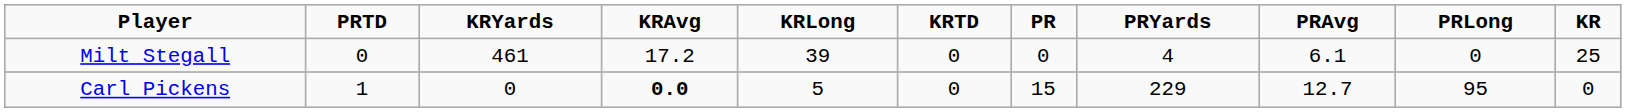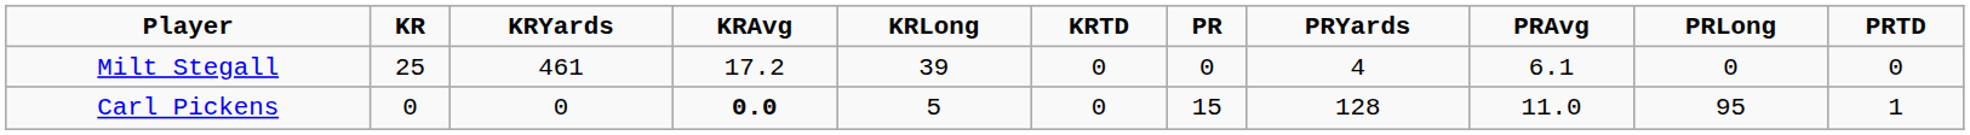 <table class="wikitable" width="80%">
 <tr align="center">
 <td><strong>Player</strong></td>
-<td><strong>PRTD</strong></td>
+<td><strong>KR</strong></td>
 <td><strong>KRYards</strong></td>
 <td><strong>KRAvg</strong></td>
 <td><strong>KRLong</strong></td>
 <td><strong>KRTD</strong></td>
 <td><strong>PR</strong></td>
 <td><strong>PRYards</strong></td>
 <td><strong>PRAvg</strong></td>
 <td><strong>PRLong</strong></td>
-<td><strong>KR</strong></td>
+<td><strong>PRTD</strong></td>
 </tr>
 <tr align="center" bgcolor="">
 <td><a href='#'>Milt Stegall</a></td>
-<td>0</td>
+<td>25</td>
 <td>461</td>
 <td>17.2</td>
 <td>39</td>
 <td>0</td>
 <td>0</td>
 <td>4</td>
 <td>6.1</td>
 <td>0</td>
-<td>25</td>
+<td>0</td>
 </tr>
 <tr align="center" bgcolor="">
 <td><a href='#'>Carl Pickens</a></td>
-<td>1</td>
+<td>0</td>
 <td>0</td>
 <td><strong>0.0</strong></td>
 <td>5</td>
 <td>0</td>
 <td>15</td>
-<td>229</td>
-<td>12.7</td>
+<td>128</td>
+<td>11.0</td>
 <td>95</td>
-<td>0</td>
+<td>1</td>
 </tr>
 </table>
